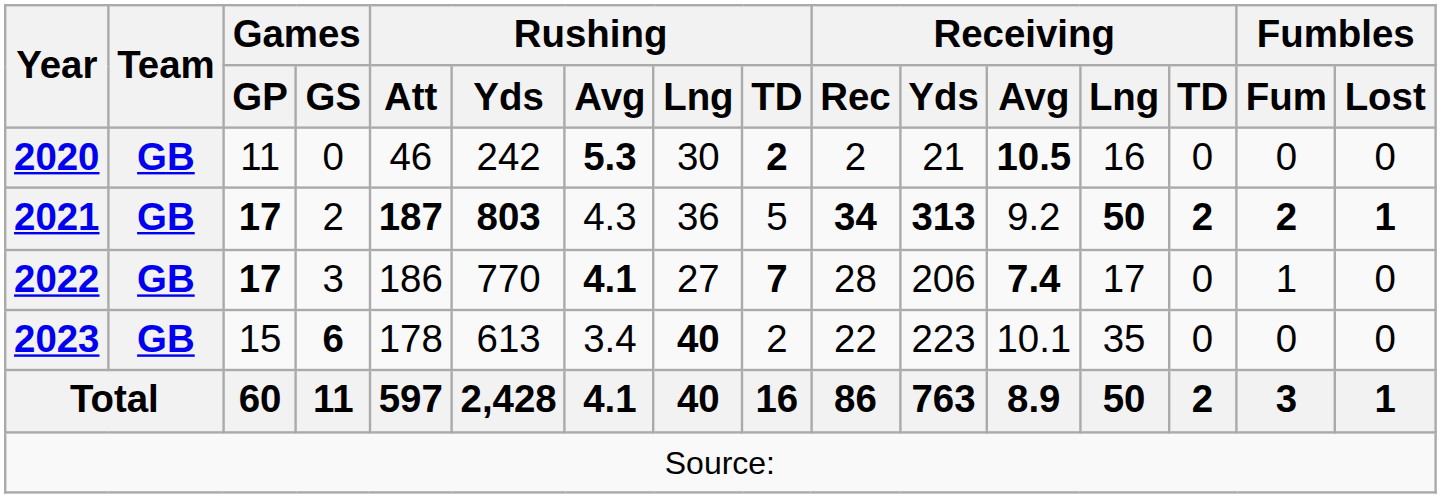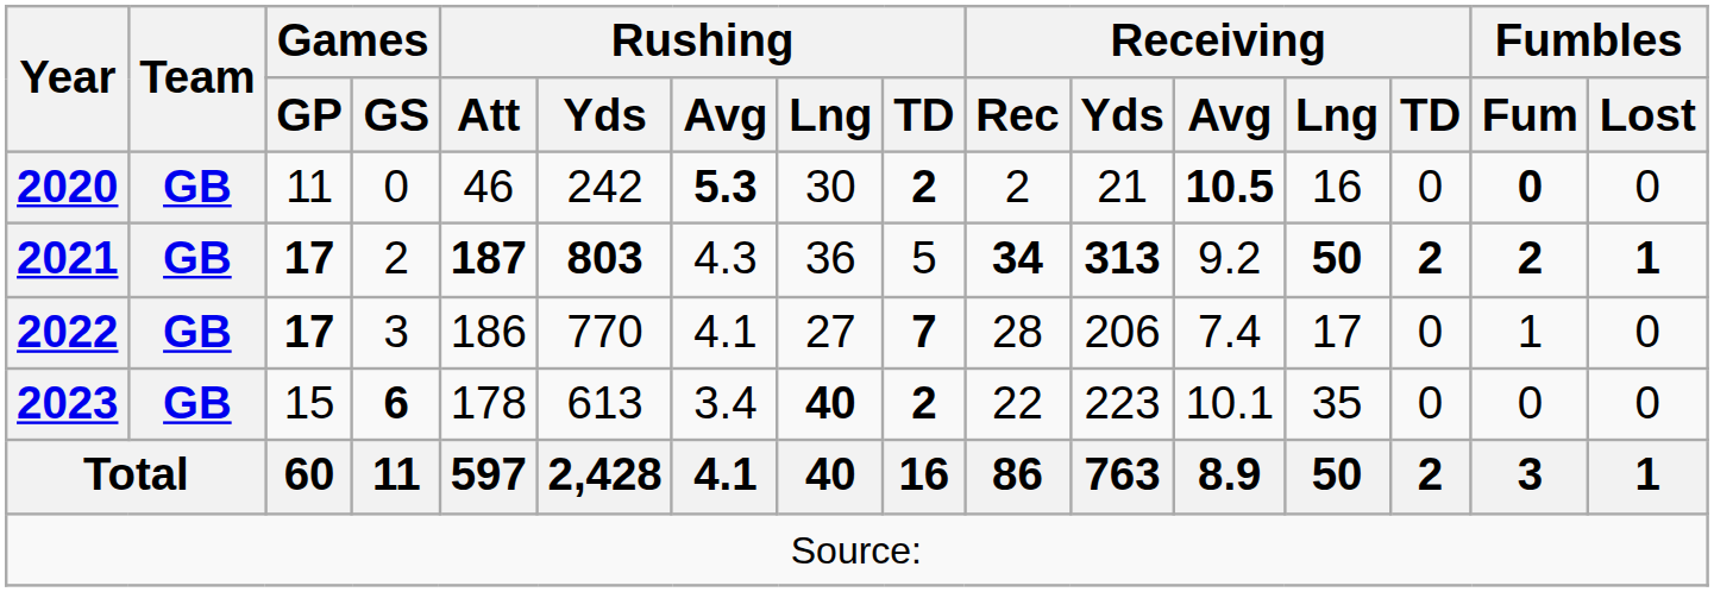 <table class="wikitable" style="text-align: center;">
 <tr>
 <th rowspan="2">Year</th>
 <th rowspan="2">Team</th>
 <th colspan="2">Games</th>
 <th colspan="5">Rushing</th>
 <th colspan="5">Receiving</th>
 <th colspan="2">Fumbles</th>
 </tr>
 <tr>
 <th>GP</th>
 <th>GS</th>
 <th>Att</th>
 <th>Yds</th>
 <th>Avg</th>
 <th>Lng</th>
 <th>TD</th>
 <th>Rec</th>
 <th>Yds</th>
 <th>Avg</th>
 <th>Lng</th>
 <th>TD</th>
 <th>Fum</th>
 <th>Lost</th>
 </tr>
 <tr>
 <th><a href='#'>2020</a></th>
 <th><a href='#'>GB</a></th>
 <td>11</td>
 <td>0</td>
 <td>46</td>
 <td>242</td>
 <td><strong>5.3</strong></td>
 <td>30</td>
 <td><strong>2</strong></td>
 <td>2</td>
 <td>21</td>
 <td><strong>10.5</strong></td>
 <td>16</td>
 <td>0</td>
-<td>0</td>
+<td><strong>0</strong></td>
 <td>0</td>
 </tr>
 <tr>
 <th><a href='#'>2021</a></th>
 <th><a href='#'>GB</a></th>
 <td><strong>17</strong></td>
 <td>2</td>
 <td><strong>187</strong></td>
 <td><strong>803</strong></td>
 <td>4.3</td>
 <td>36</td>
 <td>5</td>
 <td><strong>34</strong></td>
 <td><strong>313</strong></td>
 <td>9.2</td>
 <td><strong>50</strong></td>
 <td><strong>2</strong></td>
 <td><strong>2</strong></td>
 <td><strong>1</strong></td>
 </tr>
 <tr>
 <th><a href='#'>2022</a></th>
 <th><a href='#'>GB</a></th>
 <td><strong>17</strong></td>
 <td>3</td>
 <td>186</td>
 <td>770</td>
-<td><strong>4.1</strong></td>
+<td>4.1</td>
 <td>27</td>
 <td><strong>7</strong></td>
 <td>28</td>
 <td>206</td>
-<td><strong>7.4</strong></td>
+<td>7.4</td>
 <td>17</td>
 <td>0</td>
 <td>1</td>
 <td>0</td>
 </tr>
 <tr>
 <th><a href='#'>2023</a></th>
 <th><a href='#'>GB</a></th>
 <td>15</td>
 <td><strong>6</strong></td>
 <td>178</td>
 <td>613</td>
 <td>3.4</td>
 <td><strong>40</strong></td>
-<td>2</td>
+<td><strong>2</strong></td>
 <td>22</td>
 <td>223</td>
 <td>10.1</td>
 <td>35</td>
 <td>0</td>
 <td>0</td>
 <td>0</td>
 </tr>
 <tr>
 <th colspan="2">Total</th>
 <th>60</th>
 <th>11</th>
 <th>597</th>
 <th>2,428</th>
 <th>4.1</th>
 <th>40</th>
 <th>16</th>
 <th>86</th>
 <th>763</th>
 <th>8.9</th>
 <th>50</th>
 <th>2</th>
 <th>3</th>
 <th>1</th>
 </tr>
 <tr>
 <td colspan="16"><small>Source: </small></td>
 </tr>
 </table>
